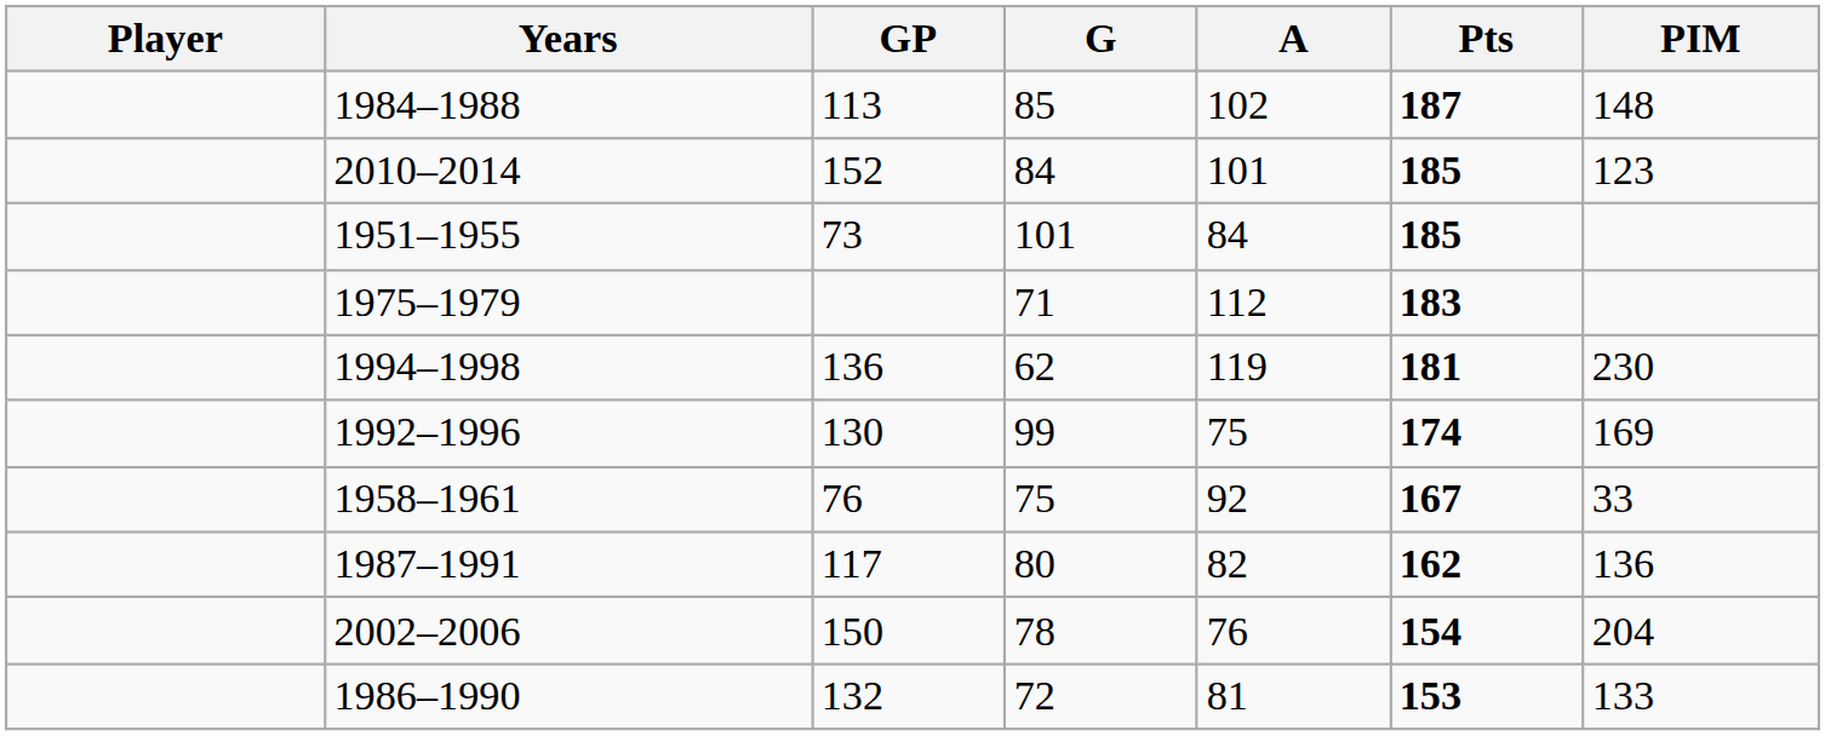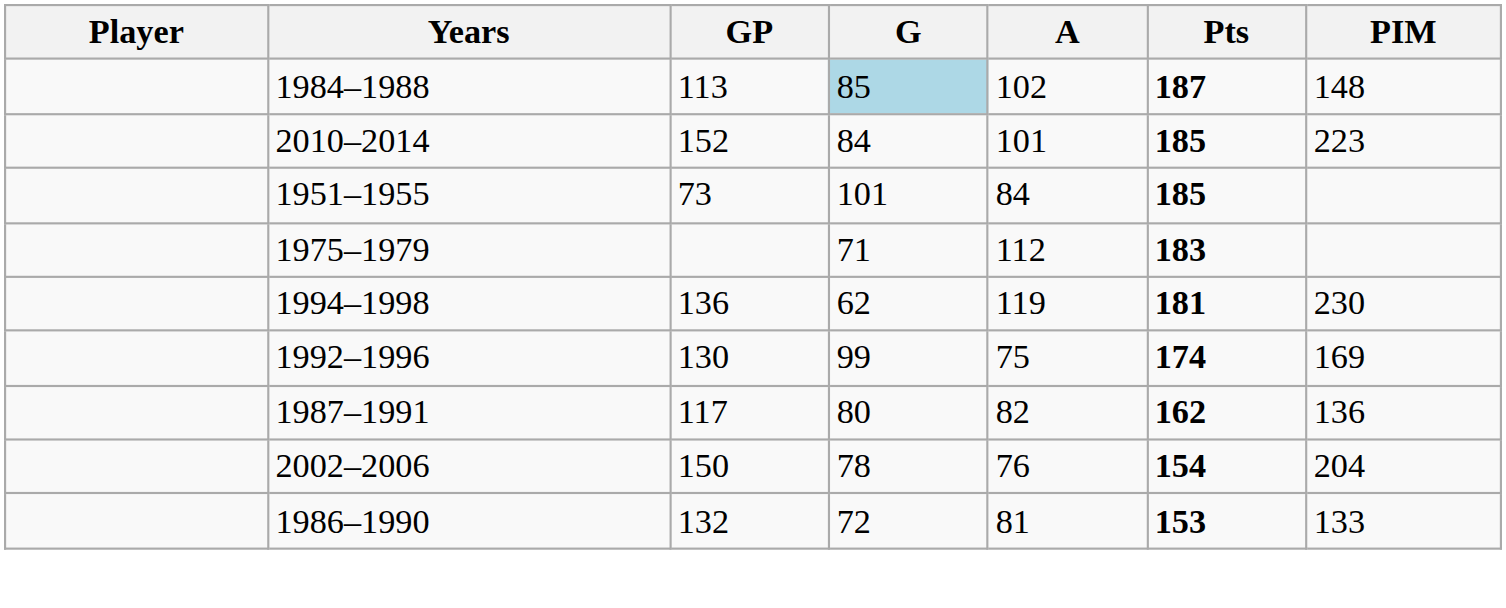 <table class="wikitable sortable" width ="700" cellpadding="1" border="1" cellspacing="0">
 <tr>
 <th>Player</th>
 <th>Years</th>
 <th>GP</th>
 <th>G</th>
 <th>A</th>
 <th>Pts</th>
 <th>PIM</th>
 </tr>
 <tr>
 <td></td>
 <td>1984–1988</td>
 <td>113</td>
-<td>85</td>
+<td style="background: lightblue;">85</td>
 <td>102</td>
 <td><strong>187</strong></td>
 <td>148</td>
 </tr>
 <tr>
 <td></td>
 <td>2010–2014</td>
 <td>152</td>
 <td>84</td>
 <td>101</td>
 <td><strong>185</strong></td>
-<td>123</td>
+<td>223</td>
 </tr>
 <tr>
 <td></td>
 <td>1951–1955</td>
 <td>73</td>
 <td>101</td>
 <td>84</td>
 <td><strong>185</strong></td>
 <td></td>
 </tr>
 <tr>
 <td></td>
 <td>1975–1979</td>
 <td></td>
 <td>71</td>
 <td>112</td>
 <td><strong>183</strong></td>
 <td></td>
 </tr>
 <tr>
 <td></td>
 <td>1994–1998</td>
 <td>136</td>
 <td>62</td>
 <td>119</td>
 <td><strong>181</strong></td>
 <td>230</td>
 </tr>
 <tr>
 <td></td>
 <td>1992–1996</td>
 <td>130</td>
 <td>99</td>
 <td>75</td>
 <td><strong>174</strong></td>
 <td>169</td>
 </tr>
 <tr>
 <td></td>
-<td>1958–1961</td>
-<td>76</td>
-<td>75</td>
-<td>92</td>
-<td><strong>167</strong></td>
-<td>33</td>
-</tr>
-<tr>
-<td></td>
 <td>1987–1991</td>
 <td>117</td>
 <td>80</td>
 <td>82</td>
 <td><strong>162</strong></td>
 <td>136</td>
 </tr>
 <tr>
 <td></td>
 <td>2002–2006</td>
 <td>150</td>
 <td>78</td>
 <td>76</td>
 <td><strong>154</strong></td>
 <td>204</td>
 </tr>
 <tr>
 <td></td>
 <td>1986–1990</td>
 <td>132</td>
 <td>72</td>
 <td>81</td>
 <td><strong>153</strong></td>
 <td>133</td>
 </tr>
 </table>
